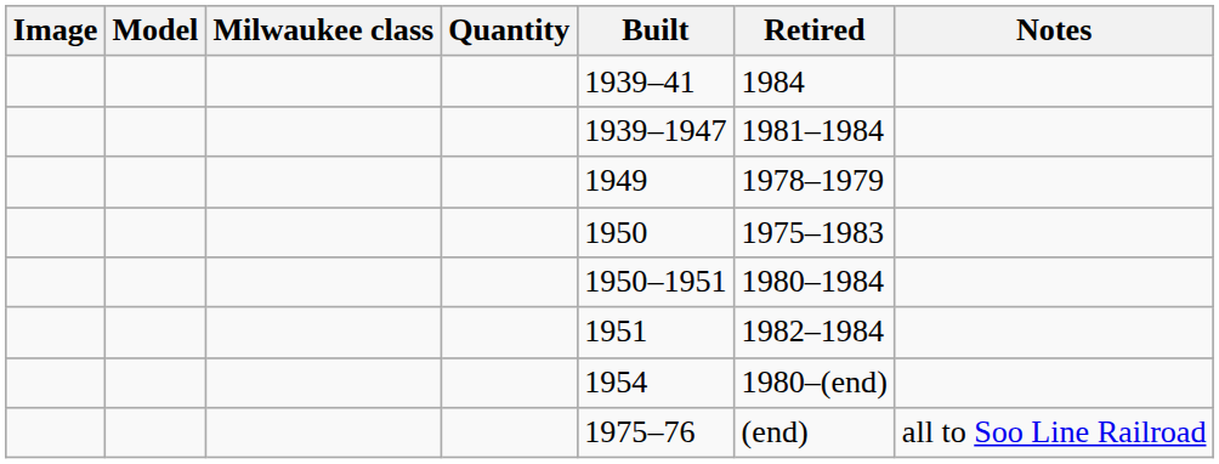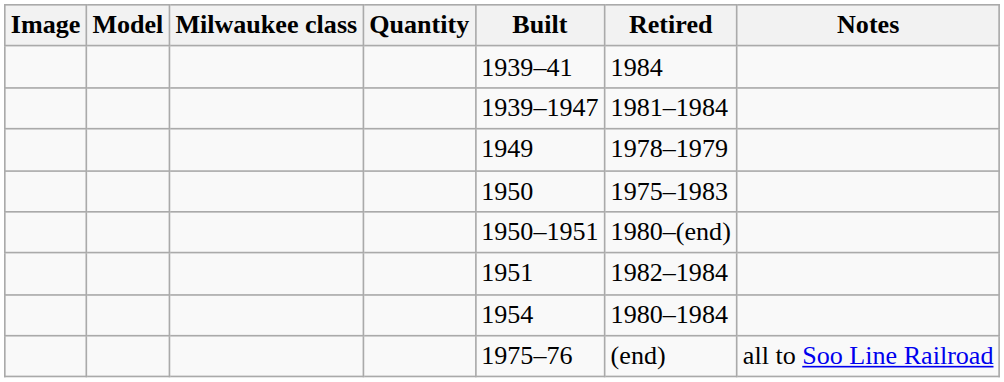 <table class="wikitable sortable">
 <tr>
 <th>Image</th>
 <th>Model</th>
 <th>Milwaukee class</th>
 <th>Quantity</th>
 <th>Built</th>
 <th>Retired</th>
 <th>Notes</th>
 </tr>
 <tr>
 <td></td>
 <td></td>
 <td></td>
 <td></td>
 <td>1939–41</td>
 <td>1984</td>
 <td></td>
 </tr>
 <tr>
 <td></td>
 <td></td>
 <td></td>
 <td></td>
 <td>1939–1947</td>
 <td>1981–1984</td>
 <td></td>
 </tr>
 <tr>
 <td></td>
 <td></td>
 <td></td>
 <td></td>
 <td>1949</td>
 <td>1978–1979</td>
 <td></td>
 </tr>
 <tr>
 <td></td>
 <td></td>
 <td></td>
 <td></td>
 <td>1950</td>
 <td>1975–1983</td>
 <td></td>
 </tr>
 <tr>
 <td></td>
 <td></td>
 <td></td>
 <td></td>
 <td>1950–1951</td>
-<td>1980–1984</td>
+<td>1980–(end)</td>
 <td></td>
 </tr>
 <tr>
 <td></td>
 <td></td>
 <td></td>
 <td></td>
 <td>1951</td>
 <td>1982–1984</td>
 <td></td>
 </tr>
 <tr>
 <td></td>
 <td></td>
 <td></td>
 <td></td>
 <td>1954</td>
-<td>1980–(end)</td>
+<td>1980–1984</td>
 <td></td>
 </tr>
 <tr>
 <td></td>
 <td></td>
 <td></td>
 <td></td>
 <td>1975–76</td>
 <td>(end)</td>
 <td>all to <a href='#'>Soo Line Railroad</a></td>
 </tr>
 </table>
